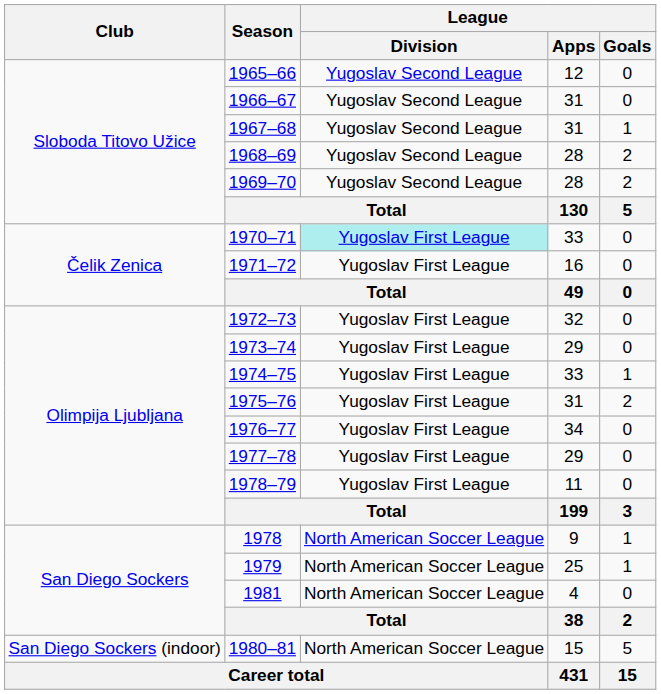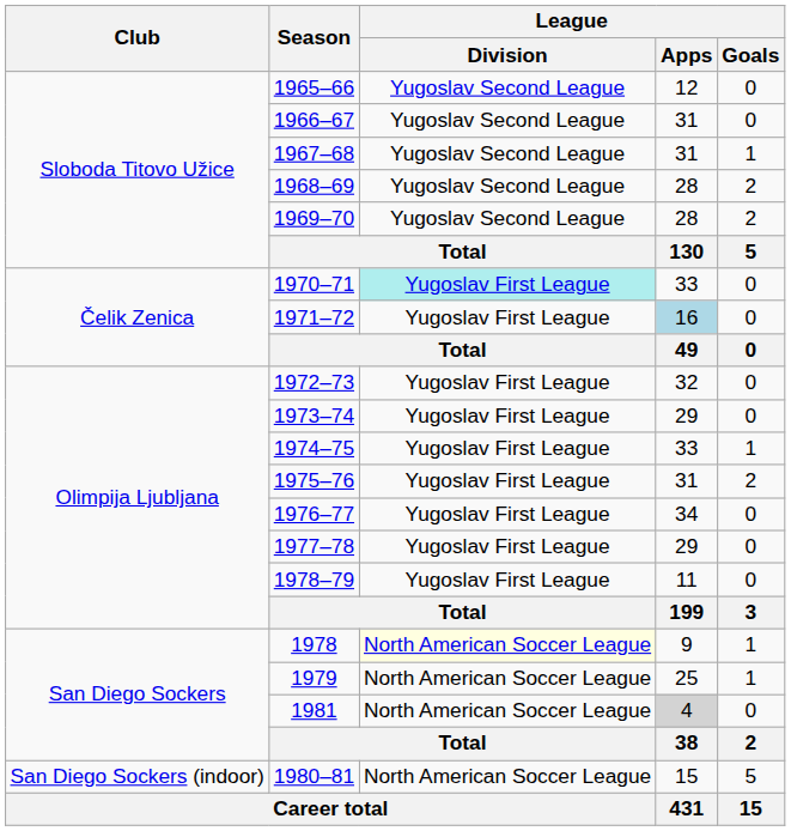 <table class="wikitable" style="text-align:center">
 <tr>
 <th rowspan="2">Club</th>
 <th rowspan="2">Season</th>
 <th colspan="3">League</th>
 </tr>
 <tr>
 <th>Division</th>
 <th>Apps</th>
 <th>Goals</th>
 </tr>
 <tr>
 <td rowspan="6"><a href='#'>Sloboda Titovo Užice</a></td>
 <td><a href='#'>1965–66</a></td>
 <td><a href='#'>Yugoslav Second League</a></td>
 <td>12</td>
 <td>0</td>
 </tr>
 <tr>
 <td><a href='#'>1966–67</a></td>
 <td>Yugoslav Second League</td>
 <td>31</td>
 <td>0</td>
 </tr>
 <tr>
 <td><a href='#'>1967–68</a></td>
 <td>Yugoslav Second League</td>
 <td>31</td>
 <td>1</td>
 </tr>
 <tr>
 <td><a href='#'>1968–69</a></td>
 <td>Yugoslav Second League</td>
 <td>28</td>
 <td>2</td>
 </tr>
 <tr>
 <td><a href='#'>1969–70</a></td>
 <td>Yugoslav Second League</td>
 <td>28</td>
 <td>2</td>
 </tr>
 <tr>
 <th colspan="2">Total</th>
 <th>130</th>
 <th>5</th>
 </tr>
 <tr>
 <td rowspan="3"><a href='#'>Čelik Zenica</a></td>
 <td><a href='#'>1970–71</a></td>
 <td style="background: paleturquoise;"><a href='#'>Yugoslav First League</a></td>
 <td>33</td>
 <td>0</td>
 </tr>
 <tr>
 <td><a href='#'>1971–72</a></td>
 <td>Yugoslav First League</td>
-<td>16</td>
+<td style="background: lightblue;">16</td>
 <td>0</td>
 </tr>
 <tr>
 <th colspan="2">Total</th>
 <th>49</th>
 <th>0</th>
 </tr>
 <tr>
 <td rowspan="8"><a href='#'>Olimpija Ljubljana</a></td>
 <td><a href='#'>1972–73</a></td>
 <td>Yugoslav First League</td>
 <td>32</td>
 <td>0</td>
 </tr>
 <tr>
 <td><a href='#'>1973–74</a></td>
 <td>Yugoslav First League</td>
 <td>29</td>
 <td>0</td>
 </tr>
 <tr>
 <td><a href='#'>1974–75</a></td>
 <td>Yugoslav First League</td>
 <td>33</td>
 <td>1</td>
 </tr>
 <tr>
 <td><a href='#'>1975–76</a></td>
 <td>Yugoslav First League</td>
 <td>31</td>
 <td>2</td>
 </tr>
 <tr>
 <td><a href='#'>1976–77</a></td>
 <td>Yugoslav First League</td>
 <td>34</td>
 <td>0</td>
 </tr>
 <tr>
 <td><a href='#'>1977–78</a></td>
 <td>Yugoslav First League</td>
 <td>29</td>
 <td>0</td>
 </tr>
 <tr>
 <td><a href='#'>1978–79</a></td>
 <td>Yugoslav First League</td>
 <td>11</td>
 <td>0</td>
 </tr>
 <tr>
 <th colspan="2">Total</th>
 <th>199</th>
 <th>3</th>
 </tr>
 <tr>
 <td rowspan="4"><a href='#'>San Diego Sockers</a></td>
 <td><a href='#'>1978</a></td>
-<td><a href='#'>North American Soccer League</a></td>
+<td style="background: lightyellow;"><a href='#'>North American Soccer League</a></td>
 <td>9</td>
 <td>1</td>
 </tr>
 <tr>
 <td><a href='#'>1979</a></td>
 <td>North American Soccer League</td>
 <td>25</td>
 <td>1</td>
 </tr>
 <tr>
 <td><a href='#'>1981</a></td>
 <td>North American Soccer League</td>
-<td>4</td>
+<td style="background: lightgrey;">4</td>
 <td>0</td>
 </tr>
 <tr>
 <th colspan="2">Total</th>
 <th>38</th>
 <th>2</th>
 </tr>
 <tr>
 <td><a href='#'>San Diego Sockers</a> (indoor)</td>
 <td><a href='#'>1980–81</a></td>
 <td>North American Soccer League</td>
 <td>15</td>
 <td>5</td>
 </tr>
 <tr>
 <th colspan="3">Career total</th>
 <th>431</th>
 <th>15</th>
 </tr>
 </table>
